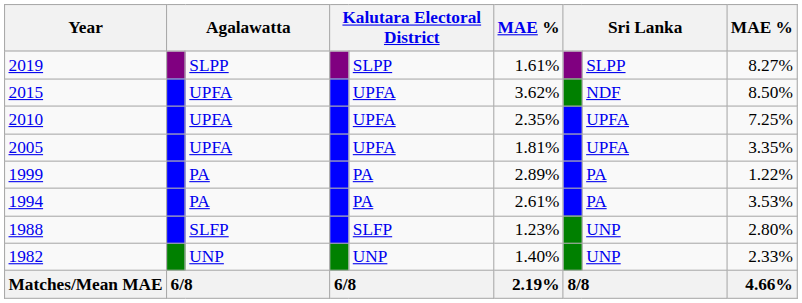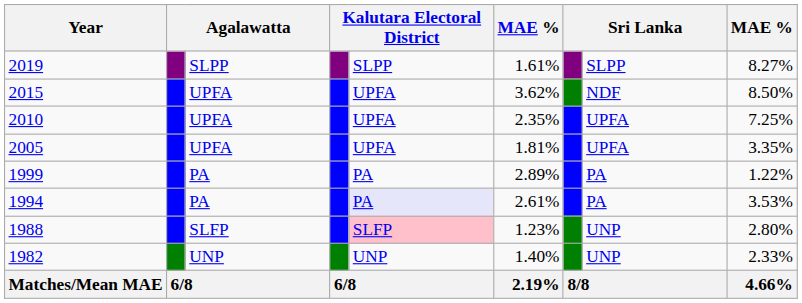 <table class="wikitable">
 <tr>
 <th>Year</th>
 <th colspan="2" width="144px">Agalawatta</th>
 <th colspan="2" width="144px"><a href='#'>Kalutara Electoral District</a></th>
 <th><a href='#'>MAE</a> %</th>
 <th colspan="2" width="144px">Sri Lanka</th>
 <th>MAE %</th>
 </tr>
 <tr>
 <td><a href='#'>2019</a></td>
 <td style="background-color:purple;" width="10px"></td>
 <td style="text-align:left;"><a href='#'>SLPP</a></td>
 <td style="background-color:purple;" width="10px"></td>
 <td style="text-align:left;"><a href='#'>SLPP</a></td>
 <td style="text-align:right;">1.61%</td>
 <td style="background-color:purple;" width="10px"></td>
 <td style="text-align:left;"><a href='#'>SLPP</a></td>
 <td style="text-align:right;">8.27%</td>
 </tr>
 <tr>
 <td><a href='#'>2015</a></td>
 <td style="background-color:blue;" width="10px"></td>
 <td style="text-align:left;"><a href='#'>UPFA</a></td>
 <td style="background-color:blue;" width="10px"></td>
 <td style="text-align:left;"><a href='#'>UPFA</a></td>
 <td style="text-align:right;">3.62%</td>
 <td style="background-color:green;" width="10px"></td>
 <td style="text-align:left;"><a href='#'>NDF</a></td>
 <td style="text-align:right;">8.50%</td>
 </tr>
 <tr>
 <td><a href='#'>2010</a></td>
 <td style="background-color:blue;" width="10px"></td>
 <td style="text-align:left;"><a href='#'>UPFA</a></td>
 <td style="background-color:blue;" width="10px"></td>
 <td style="text-align:left;"><a href='#'>UPFA</a></td>
 <td style="text-align:right;">2.35%</td>
 <td style="background-color:blue;" width="10px"></td>
 <td style="text-align:left;"><a href='#'>UPFA</a></td>
 <td style="text-align:right;">7.25%</td>
 </tr>
 <tr>
 <td><a href='#'>2005</a></td>
 <td style="background-color:blue;" width="10px"></td>
 <td style="text-align:left;"><a href='#'>UPFA</a></td>
 <td style="background-color:blue;" width="10px"></td>
 <td style="text-align:left;"><a href='#'>UPFA</a></td>
 <td style="text-align:right;">1.81%</td>
 <td style="background-color:blue;" width="10px"></td>
 <td style="text-align:left;"><a href='#'>UPFA</a></td>
 <td style="text-align:right;">3.35%</td>
 </tr>
 <tr>
 <td><a href='#'>1999</a></td>
 <td style="background-color:blue;" width="10px"></td>
 <td style="text-align:left;"><a href='#'>PA</a></td>
 <td style="background-color:blue;" width="10px"></td>
 <td style="text-align:left;"><a href='#'>PA</a></td>
 <td style="text-align:right;">2.89%</td>
 <td style="background-color:blue;" width="10px"></td>
 <td style="text-align:left;"><a href='#'>PA</a></td>
 <td style="text-align:right;">1.22%</td>
 </tr>
 <tr>
 <td><a href='#'>1994</a></td>
 <td style="background-color:blue;" width="10px"></td>
 <td style="text-align:left;"><a href='#'>PA</a></td>
 <td style="background-color:blue;" width="10px"></td>
-<td style="text-align:left;"><a href='#'>PA</a></td>
+<td style="background: lavender; text-align:left;"><a href='#'>PA</a></td>
 <td style="text-align:right;">2.61%</td>
 <td style="background-color:blue;" width="10px"></td>
 <td style="text-align:left;"><a href='#'>PA</a></td>
 <td style="text-align:right;">3.53%</td>
 </tr>
 <tr>
 <td><a href='#'>1988</a></td>
 <td style="background-color:blue;" width="10px"></td>
 <td style="text-align:left;"><a href='#'>SLFP</a></td>
 <td style="background-color:blue;" width="10px"></td>
-<td style="text-align:left;"><a href='#'>SLFP</a></td>
+<td style="background: pink; text-align:left;"><a href='#'>SLFP</a></td>
 <td style="text-align:right;">1.23%</td>
 <td style="background-color:green;" width="10px"></td>
 <td style="text-align:left;"><a href='#'>UNP</a></td>
 <td style="text-align:right;">2.80%</td>
 </tr>
 <tr>
 <td><a href='#'>1982</a></td>
 <td style="background-color:green;" width="10px"></td>
 <td style="text-align:left;"><a href='#'>UNP</a></td>
 <td style="background-color:green;" width="10px"></td>
 <td style="text-align:left;"><a href='#'>UNP</a></td>
 <td style="text-align:right;">1.40%</td>
 <td style="background-color:green;" width="10px"></td>
 <td style="text-align:left;"><a href='#'>UNP</a></td>
 <td style="text-align:right;">2.33%</td>
 </tr>
 <tr>
 <th>Matches/Mean MAE</th>
 <th style="text-align:left;"colspan="2" width="144px">6/8</th>
 <th style="text-align:left;"colspan="2" width="144px">6/8</th>
 <th style="text-align:right;">2.19%</th>
 <th style="text-align:left;"colspan="2" width="144px">8/8</th>
 <th style="text-align:right;">4.66%</th>
 </tr>
 </table>
